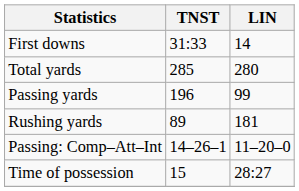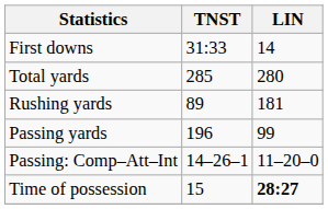 <table class="wikitable" style="float: left;">
 <tr>
 <th>Statistics</th>
 <th>TNST</th>
 <th>LIN</th>
 </tr>
 <tr>
 <td>First downs</td>
 <td>31:33</td>
 <td>14</td>
 </tr>
 <tr>
 <td>Total yards</td>
 <td>285</td>
 <td>280</td>
 </tr>
 <tr>
+<td>Rushing yards</td>
+<td>89</td>
+<td>181</td>
+</tr>
+<tr>
 <td>Passing yards</td>
 <td>196</td>
 <td>99</td>
-</tr>
-<tr>
-<td>Rushing yards</td>
-<td>89</td>
-<td>181</td>
 </tr>
 <tr>
 <td>Passing: Comp–Att–Int</td>
 <td>14–26–1</td>
 <td>11–20–0</td>
 </tr>
 <tr>
 <td>Time of possession</td>
 <td>15</td>
-<td>28:27</td>
+<td><strong>28:27</strong></td>
 </tr>
 <tr>
 </tr>
 </table>
